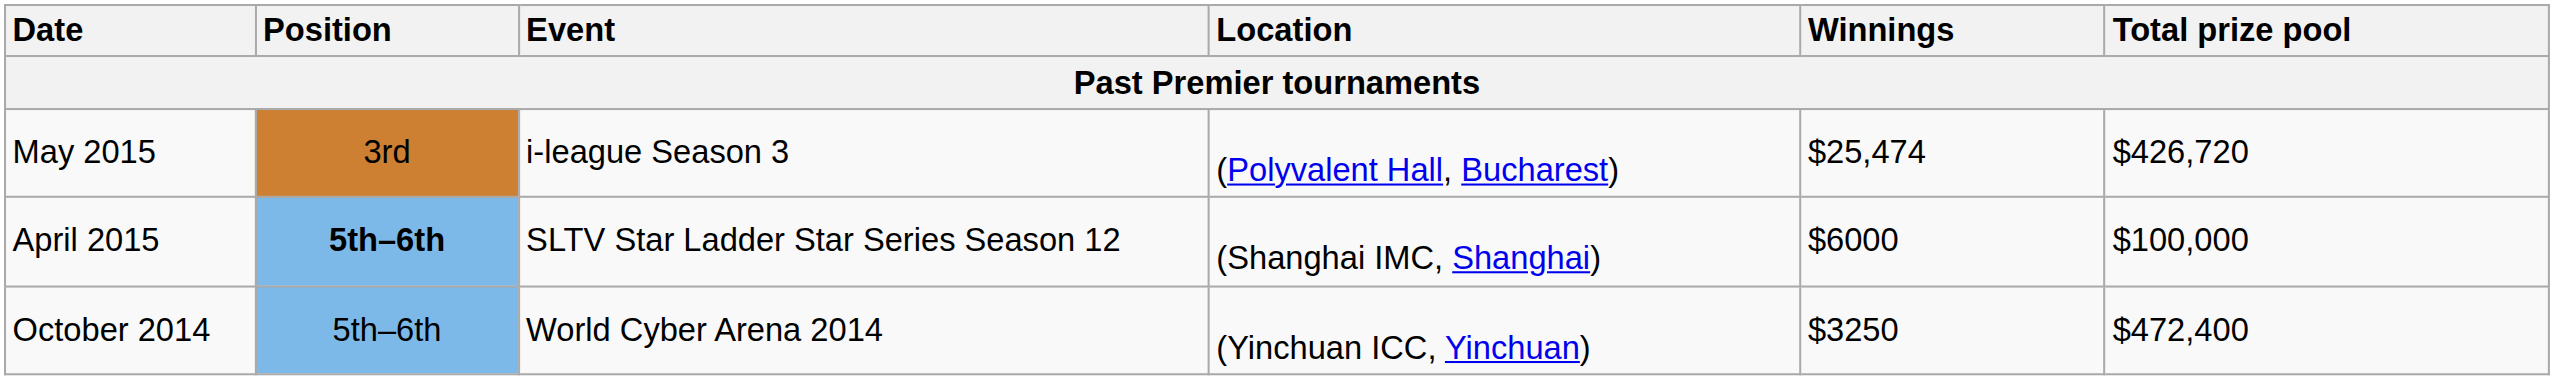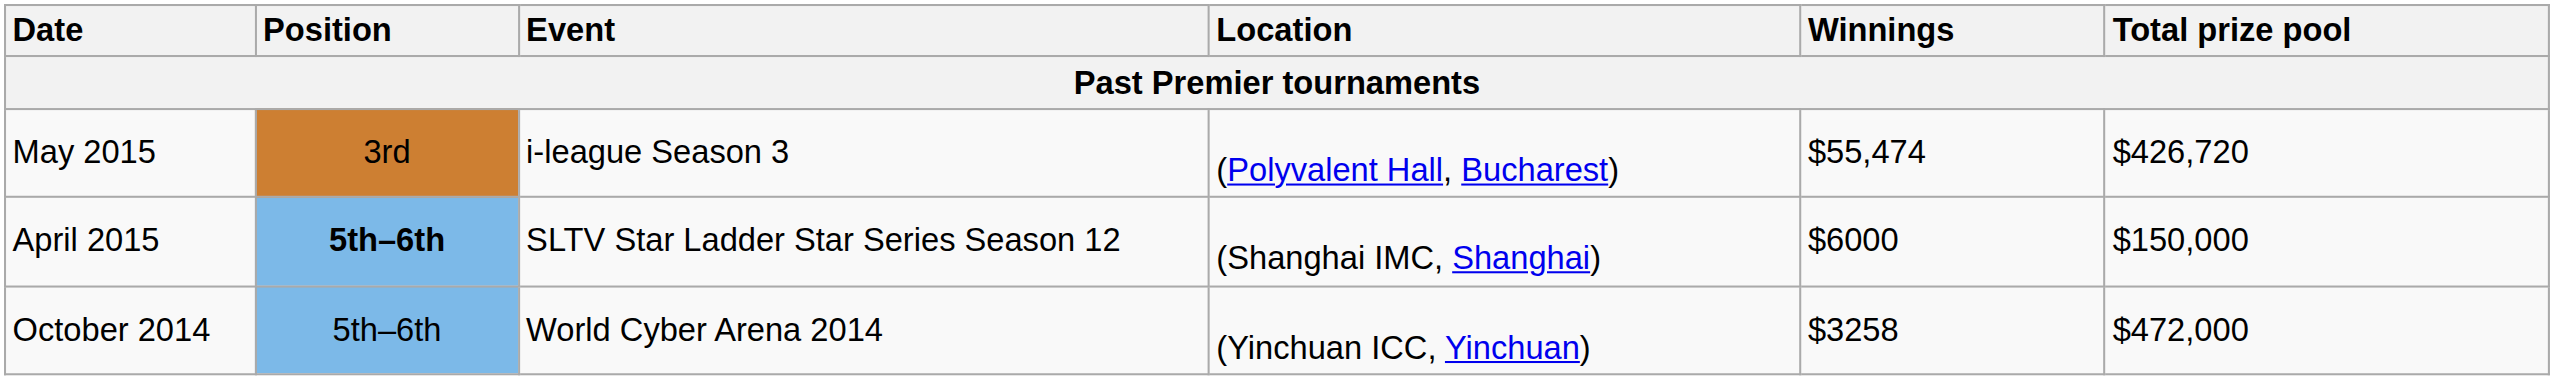 <table class = "wikitable">
 <tr>
 <th style="text-align:left; width:5%;">Date</th>
 <th style="text-align:left; width:5%;">Position</th>
 <th style="text-align:left; width:14%;">Event</th>
 <th style="text-align:left; width:12%;">Location</th>
 <th style="text-align:left; width:6%;">Winnings</th>
 <th style="text-align:left; width:9%;">Total prize pool</th>
 </tr>
 <tr>
 <th style="align: center;" colspan="7"><strong>Past Premier tournaments</strong></th>
 </tr>
 <tr>
 <td>May 2015</td>
 <td style="text-align:center; background:#CD7F32">3rd</td>
 <td>i-league Season 3</td>
 <td> <br>(<a href='#'>Polyvalent Hall</a>, <a href='#'>Bucharest</a>)</td>
-<td>$25,474</td>
+<td>$55,474</td>
 <td>$426,720</td>
 </tr>
 <tr>
 <td>April 2015</td>
 <td style="text-align:center; background:#7CB9E8"><strong>5th–6th</strong></td>
 <td>SLTV Star Ladder Star Series Season 12</td>
 <td> <br> (Shanghai IMC, <a href='#'>Shanghai</a>)</td>
 <td>$6000</td>
-<td>$100,000</td>
+<td>$150,000</td>
 </tr>
 <tr>
 <td>October 2014</td>
 <td style="text-align:center; background:#7CB9E8">5th–6th</td>
 <td>World Cyber Arena 2014</td>
 <td> <br>(Yinchuan ICC, <a href='#'>Yinchuan</a>)</td>
-<td>$3250</td>
-<td>$472,400</td>
+<td>$3258</td>
+<td>$472,000</td>
 </tr>
 </table>
